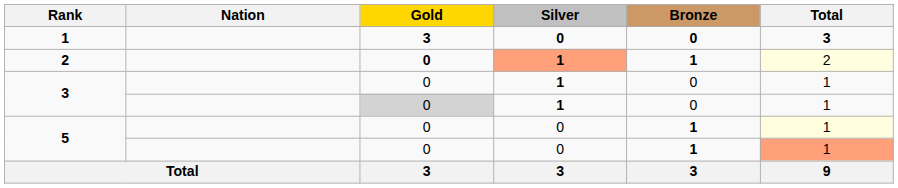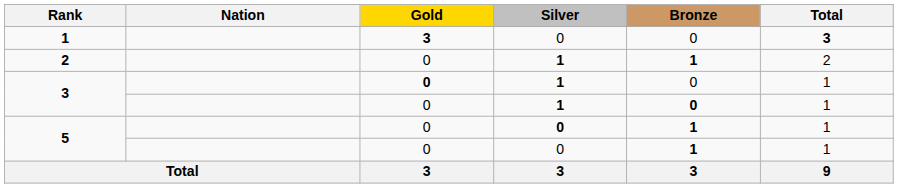 <table class="wikitable collapsible autocollapse plainrowheaders" width=80% style="text-align:center;">
 <tr style="background-color:#EDEDED;">
 <th width=100px class="hintergrundfarbe5">Rank</th>
 <th width=200px class="hintergrundfarbe6">Nation</th>
 <th style="background:    gold; width:15%">Gold</th>
 <th style="background:  silver; width:15%">Silver</th>
 <th style="background: #CC9966; width:15%">Bronze</th>
 <th class="hintergrundfarbe6" style="width:15%">Total</th>
 </tr>
 <tr>
 <td><strong>1</strong></td>
 <td align=left></td>
 <td><strong>3</strong></td>
-<td><strong>0</strong></td>
-<td><strong>0</strong></td>
+<td>0</td>
+<td>0</td>
 <td><strong>3</strong></td>
 </tr>
 <tr>
 <td><strong>2</strong></td>
 <td align=left></td>
-<td><strong>0</strong></td>
-<td style="background: lightsalmon;"><strong>1</strong></td>
+<td>0</td>
 <td><strong>1</strong></td>
-<td style="background: lightyellow;">2</td>
+<td><strong>1</strong></td>
+<td>2</td>
 </tr>
 <tr>
 <td rowspan=2><strong>3</strong></td>
 <td align=left></td>
-<td>0</td>
+<td><strong>0</strong></td>
 <td><strong>1</strong></td>
 <td>0</td>
 <td>1</td>
 </tr>
 <tr>
 <td align=left></td>
-<td style="background: lightgrey;">0</td>
+<td>0</td>
 <td><strong>1</strong></td>
-<td>0</td>
+<td><strong>0</strong></td>
 <td>1</td>
 </tr>
 <tr>
 <td rowspan=2><strong>5</strong></td>
 <td align=left></td>
 <td>0</td>
-<td>0</td>
+<td><strong>0</strong></td>
 <td><strong>1</strong></td>
-<td style="background: lightyellow;">1</td>
+<td>1</td>
 </tr>
 <tr>
 <td align=left></td>
 <td>0</td>
 <td>0</td>
 <td><strong>1</strong></td>
-<td style="background: lightsalmon;">1</td>
+<td>1</td>
 </tr>
 <tr>
 <th colspan=2>Total</th>
 <th>3</th>
 <th>3</th>
 <th>3</th>
 <th>9</th>
 </tr>
 </table>
